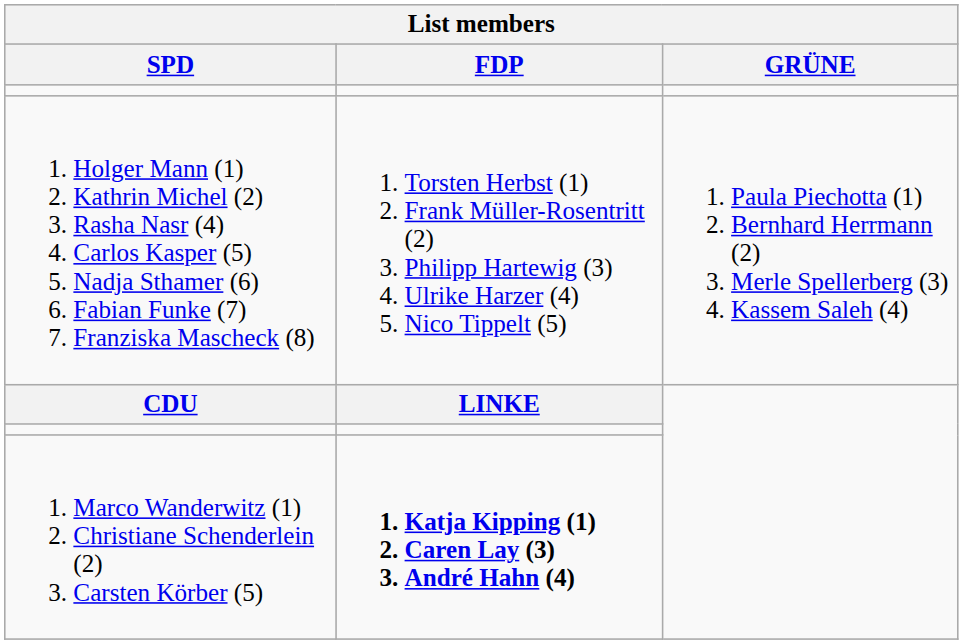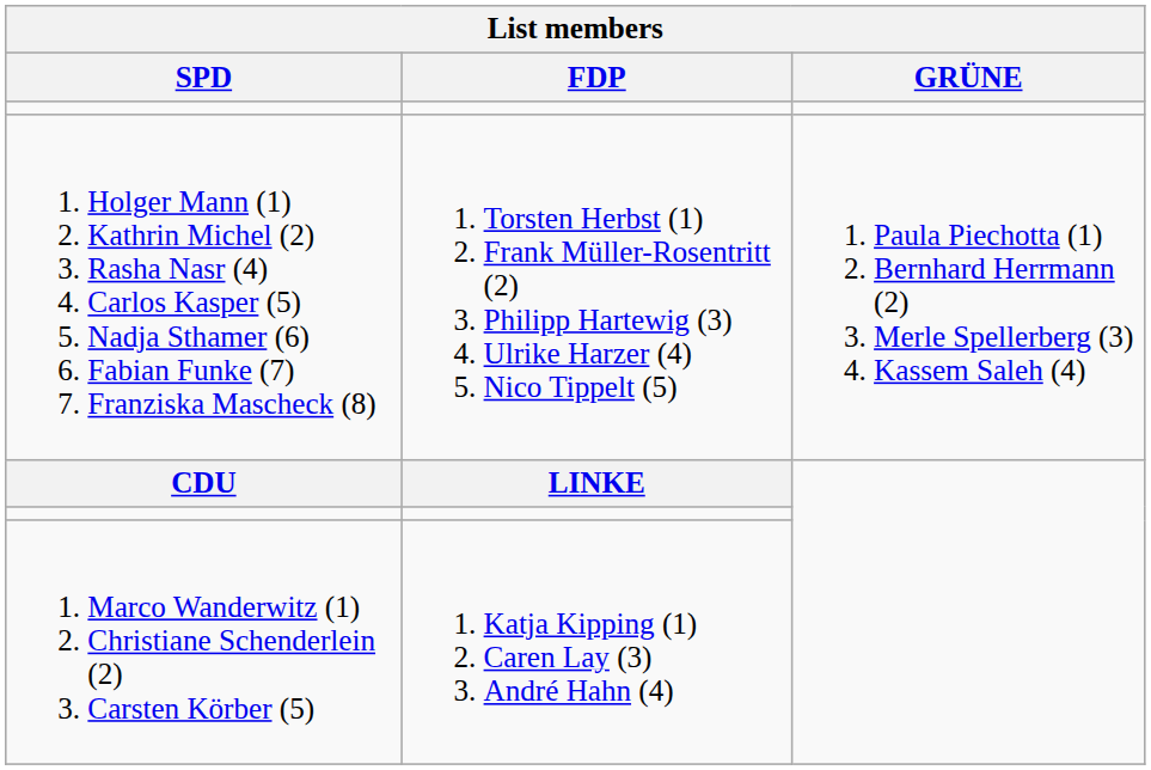 <table class=wikitable>
 <tr>
 <th colspan=3>List members</th>
 </tr>
 <tr>
 <th><a href='#'>SPD</a></th>
 <th><a href='#'>FDP</a></th>
 <th><a href='#'>GRÜNE</a></th>
 </tr>
 <tr>
 <td bgcolor=></td>
 <td bgcolor=></td>
 <td bgcolor=></td>
 </tr>
 <tr>
 <td><br><ol><li><a href='#'>Holger Mann</a> (1)</li><li><a href='#'>Kathrin Michel</a> (2)</li><li><a href='#'>Rasha Nasr</a> (4)</li><li><a href='#'>Carlos Kasper</a> (5)</li><li><a href='#'>Nadja Sthamer</a> (6)</li><li><a href='#'>Fabian Funke</a> (7)</li><li><a href='#'>Franziska Mascheck</a> (8)</li></ol></td>
 <td><br><ol><li><a href='#'>Torsten Herbst</a> (1)</li><li><a href='#'>Frank Müller-Rosentritt</a> (2)</li><li><a href='#'>Philipp Hartewig</a> (3)</li><li><a href='#'>Ulrike Harzer</a> (4)</li><li><a href='#'>Nico Tippelt</a> (5)</li></ol></td>
 <td><br><ol><li><a href='#'>Paula Piechotta</a> (1)</li><li><a href='#'>Bernhard Herrmann</a> (2)</li><li><a href='#'>Merle Spellerberg</a> (3)</li><li><a href='#'>Kassem Saleh</a> (4)</li></ol></td>
 </tr>
 <tr>
 <th><a href='#'>CDU</a></th>
 <th><a href='#'>LINKE</a></th>
 </tr>
 <tr>
 <td bgcolor=></td>
 <td bgcolor=></td>
 </tr>
 <tr>
 <td><br><ol><li><a href='#'>Marco Wanderwitz</a> (1)</li><li><a href='#'>Christiane Schenderlein</a> (2)</li><li><a href='#'>Carsten Körber</a> (5)</li></ol></td>
-<td><strong><br><ol><li><a href='#'>Katja Kipping</a> (1)</li><li><a href='#'>Caren Lay</a> (3)</li><li><a href='#'>André Hahn</a> (4)</li></ol></strong></td>
+<td><br><ol><li><a href='#'>Katja Kipping</a> (1)</li><li><a href='#'>Caren Lay</a> (3)</li><li><a href='#'>André Hahn</a> (4)</li></ol></td>
 </tr>
 </table>
